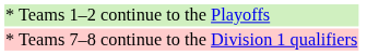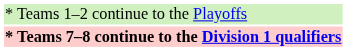 <table>
 <tr style="background: #D0F0C0;">
 <td>* Teams 1–2 continue to the <a href='#'>Playoffs</a></td>
 </tr>
 <tr style="background: #FFCCCC;">
-<td>* Teams 7–8 continue to the <a href='#'>Division 1 qualifiers</a></td>
+<td><strong>* Teams 7–8 continue to the <a href='#'>Division 1 qualifiers</a></strong></td>
 </tr>
 </table>
